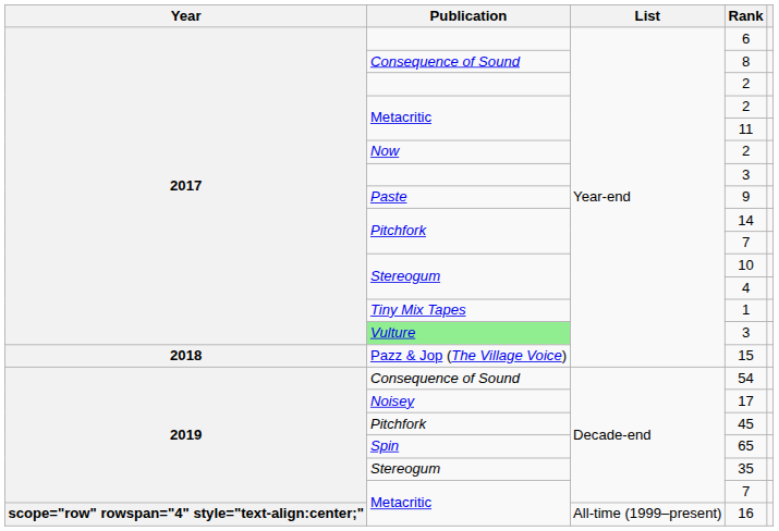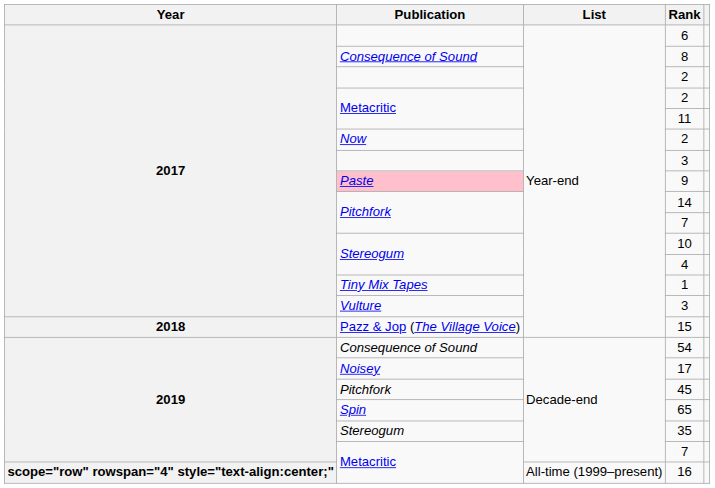 <table class="wikitable sortable plainrowheaders">
 <tr>
 <th scope="col">Year</th>
 <th scope="col">Publication</th>
 <th scope="col">List</th>
 <th scope="col">Rank</th>
 <th scope="col" class="unsortable"></th>
 </tr>
 <tr>
 <th rowspan="14" scope="row" style="text-align:center;">2017</th>
 <td></td>
 <td rowspan="15">Year-end</td>
 <td style="text-align:center;">6</td>
 <td style="text-align:center;"></td>
 </tr>
 <tr>
 <td><em><a href='#'>Consequence of Sound</a></em></td>
 <td style="text-align:center;">8</td>
 <td style="text-align:center;"></td>
 </tr>
 <tr>
 <td></td>
 <td style="text-align:center;">2</td>
 <td style="text-align:center;"></td>
 </tr>
 <tr>
 <td rowspan="2"><a href='#'>Metacritic</a></td>
 <td style="text-align:center;">2</td>
 <td style="text-align:center;"></td>
 </tr>
 <tr>
 <td style="text-align:center;">11</td>
 <td style="text-align:center;"></td>
 </tr>
 <tr>
 <td><em><a href='#'>Now</a></em></td>
 <td style="text-align:center;">2</td>
 <td style="text-align:center;"></td>
 </tr>
 <tr>
 <td></td>
 <td style="text-align:center;">3</td>
 <td style="text-align:center;"></td>
 </tr>
 <tr>
-<td><em><a href='#'>Paste</a></em></td>
+<td style="background: pink;"><em><a href='#'>Paste</a></em></td>
 <td style="text-align:center;">9</td>
 <td style="text-align:center;"></td>
 </tr>
 <tr>
 <td rowspan="2"><em><a href='#'>Pitchfork</a></em></td>
 <td style="text-align:center;">14</td>
 <td style="text-align:center;"></td>
 </tr>
 <tr>
 <td style="text-align:center;">7</td>
 <td style="text-align:center;"></td>
 </tr>
 <tr>
 <td rowspan="2"><em><a href='#'>Stereogum</a></em></td>
 <td style="text-align:center;">10</td>
 <td style="text-align:center;"></td>
 </tr>
 <tr>
 <td style="text-align:center;">4</td>
 <td style="text-align:center;"></td>
 </tr>
 <tr>
 <td><em><a href='#'>Tiny Mix Tapes</a></em></td>
 <td style="text-align:center;">1</td>
 <td style="text-align:center;"></td>
 </tr>
 <tr>
-<td style="background: lightgreen;"><em><a href='#'>Vulture</a></em></td>
+<td><em><a href='#'>Vulture</a></em></td>
 <td style="text-align:center;">3</td>
 <td style="text-align:center;"></td>
 </tr>
 <tr>
 <th scope="row" style="text-align:center;">2018</th>
 <td><a href='#'>Pazz & Jop</a> (<em><a href='#'>The Village Voice</a></em>)</td>
 <td style="text-align:center;">15</td>
 <td style="text-align:center;"></td>
 </tr>
 <tr>
 <th rowspan="6" scope="row" style="text-align:center;">2019</th>
 <td><em>Consequence of Sound</em></td>
 <td rowspan="6">Decade-end</td>
 <td style="text-align:center;">54</td>
 <td style="text-align:center;"></td>
 </tr>
 <tr>
 <td><em><a href='#'>Noisey</a></em></td>
 <td style="text-align:center;">17</td>
 <td style="text-align:center;"></td>
 </tr>
 <tr>
 <td><em>Pitchfork</em></td>
 <td style="text-align:center;">45</td>
 <td style="text-align:center;"></td>
 </tr>
 <tr>
 <td><em><a href='#'>Spin</a></em></td>
 <td style="text-align:center;">65</td>
 <td style="text-align:center;"></td>
 </tr>
 <tr>
 <td><em>Stereogum</em></td>
 <td style="text-align:center;">35</td>
 <td style="text-align:center;"></td>
 </tr>
 <tr>
 <td rowspan="2"><a href='#'>Metacritic</a></td>
 <td style="text-align:center;">7</td>
 <td style="text-align:center;"></td>
 </tr>
 <tr>
 <th>scope="row" rowspan="4" style="text-align:center;" </th>
 <td>All-time (1999–present)</td>
 <td style="text-align:center;">16</td>
 <td style="text-align:center;"></td>
 </tr>
 </table>
